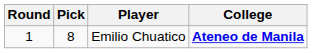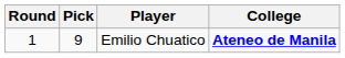 <table class="wikitable sortable sortable">
 <tr>
 <th>Round</th>
 <th>Pick</th>
 <th>Player</th>
 <th>College</th>
 </tr>
 <tr>
 <td align="center">1</td>
-<td align="center">8</td>
+<td align="center">9</td>
 <td>Emilio Chuatico</td>
 <td><strong><a href='#'>Ateneo de Manila</a></strong></td>
 </tr>
 </table>
